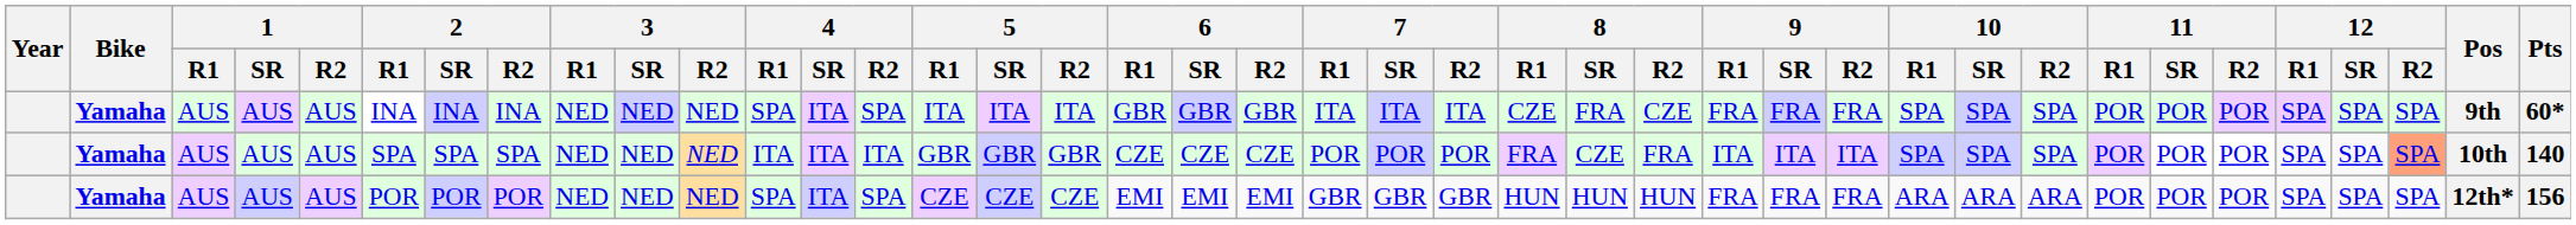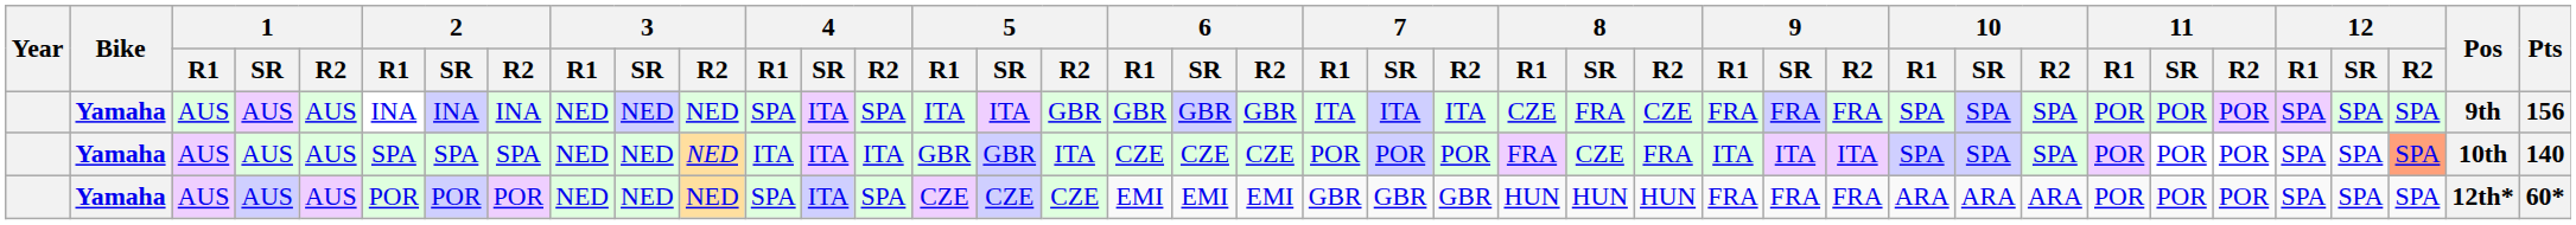 <table class="wikitable" style="text-align:center; font-size:90%;">
 <tr>
 <th rowspan="2">Year</th>
 <th rowspan="2">Bike</th>
 <th colspan="3">1</th>
 <th colspan="3">2</th>
 <th colspan="3">3</th>
 <th colspan="3">4</th>
 <th colspan="3">5</th>
 <th colspan="3">6</th>
 <th colspan="3">7</th>
 <th colspan="3">8</th>
 <th colspan="3">9</th>
 <th colspan="3">10</th>
 <th colspan="3">11</th>
 <th colspan="3">12</th>
 <th rowspan="2">Pos</th>
 <th rowspan="2">Pts</th>
 </tr>
 <tr>
 <th>R1</th>
 <th>SR</th>
 <th>R2</th>
 <th>R1</th>
 <th>SR</th>
 <th>R2</th>
 <th>R1</th>
 <th>SR</th>
 <th>R2</th>
 <th>R1</th>
 <th>SR</th>
 <th>R2</th>
 <th>R1</th>
 <th>SR</th>
 <th>R2</th>
 <th>R1</th>
 <th>SR</th>
 <th>R2</th>
 <th>R1</th>
 <th>SR</th>
 <th>R2</th>
 <th>R1</th>
 <th>SR</th>
 <th>R2</th>
 <th>R1</th>
 <th>SR</th>
 <th>R2</th>
 <th>R1</th>
 <th>SR</th>
 <th>R2</th>
 <th>R1</th>
 <th>SR</th>
 <th>R2</th>
 <th>R1</th>
 <th>SR</th>
 <th>R2</th>
 </tr>
 <tr>
 <th></th>
 <th><a href='#'>Yamaha</a></th>
 <td style="background:#DFFFDF;"><a href='#'>AUS</a><br></td>
 <td style="background:#EFCFFF;"><a href='#'>AUS</a><br></td>
 <td style="background:#DFFFDF;"><a href='#'>AUS</a><br></td>
 <td style="background:#FFFFFF;"><a href='#'>INA</a><br></td>
 <td style="background:#CFCFFF;"><a href='#'>INA</a><br></td>
 <td style="background:#DFFFDF;"><a href='#'>INA</a><br></td>
 <td style="background:#DFFFDF;"><a href='#'>NED</a><br></td>
 <td style="background:#CFCFFF;"><a href='#'>NED</a><br></td>
 <td style="background:#DFFFDF;"><a href='#'>NED</a><br></td>
 <td style="background:#DFFFDF;"><a href='#'>SPA</a><br></td>
 <td style="background:#EFCFFF;"><a href='#'>ITA</a><br></td>
 <td style="background:#DFFFDF;"><a href='#'>SPA</a><br></td>
 <td style="background:#DFFFDF;"><a href='#'>ITA</a><br></td>
 <td style="background:#EFCFFF;"><a href='#'>ITA</a><br></td>
-<td style="background:#DFFFDF;"><a href='#'>ITA</a><br></td>
+<td style="background:#DFFFDF;"><a href='#'>GBR</a><br></td>
 <td style="background:#DFFFDF;"><a href='#'>GBR</a><br></td>
 <td style="background:#CFCFFF;"><a href='#'>GBR</a><br></td>
 <td style="background:#DFFFDF;"><a href='#'>GBR</a><br></td>
 <td style="background:#DFFFDF;"><a href='#'>ITA</a><br></td>
 <td style="background:#CFCFFF;"><a href='#'>ITA</a><br></td>
 <td style="background:#DFFFDF;"><a href='#'>ITA</a><br></td>
 <td style="background:#DFFFDF;"><a href='#'>CZE</a><br></td>
 <td style="background:#DFFFDF;"><a href='#'>FRA</a><br></td>
 <td style="background:#DFFFDF;"><a href='#'>CZE</a><br></td>
 <td style="background:#DFFFDF;"><a href='#'>FRA</a><br></td>
 <td style="background:#CFCFFF;"><a href='#'>FRA</a><br></td>
 <td style="background:#DFFFDF;"><a href='#'>FRA</a><br></td>
 <td style="background:#DFFFDF;"><a href='#'>SPA</a><br></td>
 <td style="background:#CFCFFF;"><a href='#'>SPA</a><br></td>
 <td style="background:#DFFFDF;"><a href='#'>SPA</a><br></td>
 <td style="background:#DFFFDF;"><a href='#'>POR</a><br></td>
 <td style="background:#DFFFDF;"><a href='#'>POR</a><br></td>
 <td style="background:#EFCFFF;"><a href='#'>POR</a><br></td>
 <td style="background:#EFCFFF;"><a href='#'>SPA</a><br></td>
 <td style="background:#DFFFDF;"><a href='#'>SPA</a><br></td>
 <td style="background:#DFFFDF;"><a href='#'>SPA</a><br></td>
 <th>9th</th>
-<th>60*</th>
+<th>156</th>
 </tr>
 <tr>
 <th></th>
 <th><a href='#'>Yamaha</a></th>
 <td style="background:#EFCFFF;"><a href='#'>AUS</a><br></td>
 <td style="background:#DFFFDF;"><a href='#'>AUS</a><br></td>
 <td style="background:#DFFFDF;"><a href='#'>AUS</a><br></td>
 <td style="background:#DFFFDF;"><a href='#'>SPA</a><br></td>
 <td style="background:#DFFFDF;"><a href='#'>SPA</a><br></td>
 <td style="background:#DFFFDF;"><a href='#'>SPA</a><br></td>
 <td style="background:#DFFFDF;"><a href='#'>NED</a><br></td>
 <td style="background:#DFFFDF;"><a href='#'>NED</a><br></td>
 <td style="background:#FFDF9F;"><em><a href='#'>NED</a></em><br></td>
 <td style="background:#DFFFDF;"><a href='#'>ITA</a><br></td>
 <td style="background:#EFCFFF;"><a href='#'>ITA</a><br></td>
 <td style="background:#DFFFDF;"><a href='#'>ITA</a><br></td>
 <td style="background:#DFFFDF;"><a href='#'>GBR</a><br></td>
 <td style="background:#CFCFFF;"><a href='#'>GBR</a><br></td>
-<td style="background:#DFFFDF;"><a href='#'>GBR</a><br></td>
+<td style="background:#DFFFDF;"><a href='#'>ITA</a><br></td>
 <td style="background:#DFFFDF;"><a href='#'>CZE</a><br></td>
 <td style="background:#DFFFDF;"><a href='#'>CZE</a><br></td>
 <td style="background:#DFFFDF;"><a href='#'>CZE</a><br></td>
 <td style="background:#DFFFDF;"><a href='#'>POR</a><br></td>
 <td style="background:#CFCFFF;"><a href='#'>POR</a><br></td>
 <td style="background:#DFFFDF;"><a href='#'>POR</a><br></td>
 <td style="background:#EFCFFF;"><a href='#'>FRA</a><br></td>
 <td style="background:#DFFFDF;"><a href='#'>CZE</a><br></td>
 <td style="background:#DFFFDF;"><a href='#'>FRA</a><br></td>
 <td style="background:#DFFFDF;"><a href='#'>ITA</a><br></td>
 <td style="background:#EFCFFF;"><a href='#'>ITA</a><br></td>
 <td style="background:#EFCFFF;"><a href='#'>ITA</a><br></td>
 <td style="background:#CFCFFF;"><a href='#'>SPA</a><br></td>
 <td style="background:#CFCFFF;"><a href='#'>SPA</a><br></td>
 <td style="background:#DFFFDF;"><a href='#'>SPA</a><br></td>
 <td style="background:#EFCFFF;"><a href='#'>POR</a><br></td>
 <td style="background:#FFFFFF;"><a href='#'>POR</a><br></td>
 <td style="background:#FFFFFF;"><a href='#'>POR</a><br></td>
 <td><a href='#'>SPA</a></td>
 <td><a href='#'>SPA</a></td>
 <td style="background: lightsalmon;"><a href='#'>SPA</a></td>
 <th>10th</th>
 <th>140</th>
 </tr>
 <tr>
 <th></th>
 <th><a href='#'>Yamaha</a></th>
 <td style="background:#EFCFFF;"><a href='#'>AUS</a><br></td>
 <td style="background:#CFCFFF;"><a href='#'>AUS</a><br></td>
 <td style="background:#EFCFFF;"><a href='#'>AUS</a><br></td>
 <td style="background:#DFFFDF;"><a href='#'>POR</a><br></td>
 <td style="background:#CFCFFF;"><a href='#'>POR</a><br></td>
 <td style="background:#EFCFFF;"><a href='#'>POR</a><br></td>
 <td style="background:#DFFFDF;"><a href='#'>NED</a><br></td>
 <td style="background:#DFFFDF;"><a href='#'>NED</a><br></td>
 <td style="background:#FFDF9F;"><a href='#'>NED</a><br></td>
 <td style="background:#DFFFDF;"><a href='#'>SPA</a><br></td>
 <td style="background:#CFCFFF;"><a href='#'>ITA</a><br></td>
 <td style="background:#DFFFDF;"><a href='#'>SPA</a><br></td>
 <td style="background:#EFCFFF;"><a href='#'>CZE</a><br></td>
 <td style="background:#CFCFFF;"><a href='#'>CZE</a><br></td>
 <td style="background:#DFFFDF;"><a href='#'>CZE</a><br></td>
 <td style="background:#;"><a href='#'>EMI</a><br></td>
 <td style="background:#;"><a href='#'>EMI</a><br></td>
 <td style="background:#;"><a href='#'>EMI</a><br></td>
 <td style="background:#;"><a href='#'>GBR</a><br></td>
 <td style="background:#;"><a href='#'>GBR</a><br></td>
 <td style="background:#;"><a href='#'>GBR</a><br></td>
 <td style="background:#;"><a href='#'>HUN</a><br></td>
 <td style="background:#;"><a href='#'>HUN</a><br></td>
 <td style="background:#;"><a href='#'>HUN</a><br></td>
 <td style="background:#;"><a href='#'>FRA</a><br></td>
 <td style="background:#;"><a href='#'>FRA</a><br></td>
 <td style="background:#;"><a href='#'>FRA</a><br></td>
 <td style="background:#;"><a href='#'>ARA</a><br></td>
 <td style="background:#;"><a href='#'>ARA</a><br></td>
 <td style="background:#;"><a href='#'>ARA</a><br></td>
 <td style="background:#;"><a href='#'>POR</a><br></td>
 <td style="background:#;"><a href='#'>POR</a><br></td>
 <td style="background:#;"><a href='#'>POR</a><br></td>
 <td style="background:#;"><a href='#'>SPA</a><br></td>
 <td style="background:#;"><a href='#'>SPA</a><br></td>
 <td style="background:#;"><a href='#'>SPA</a><br></td>
 <th>12th*</th>
-<th>156</th>
+<th>60*</th>
 </tr>
 </table>
